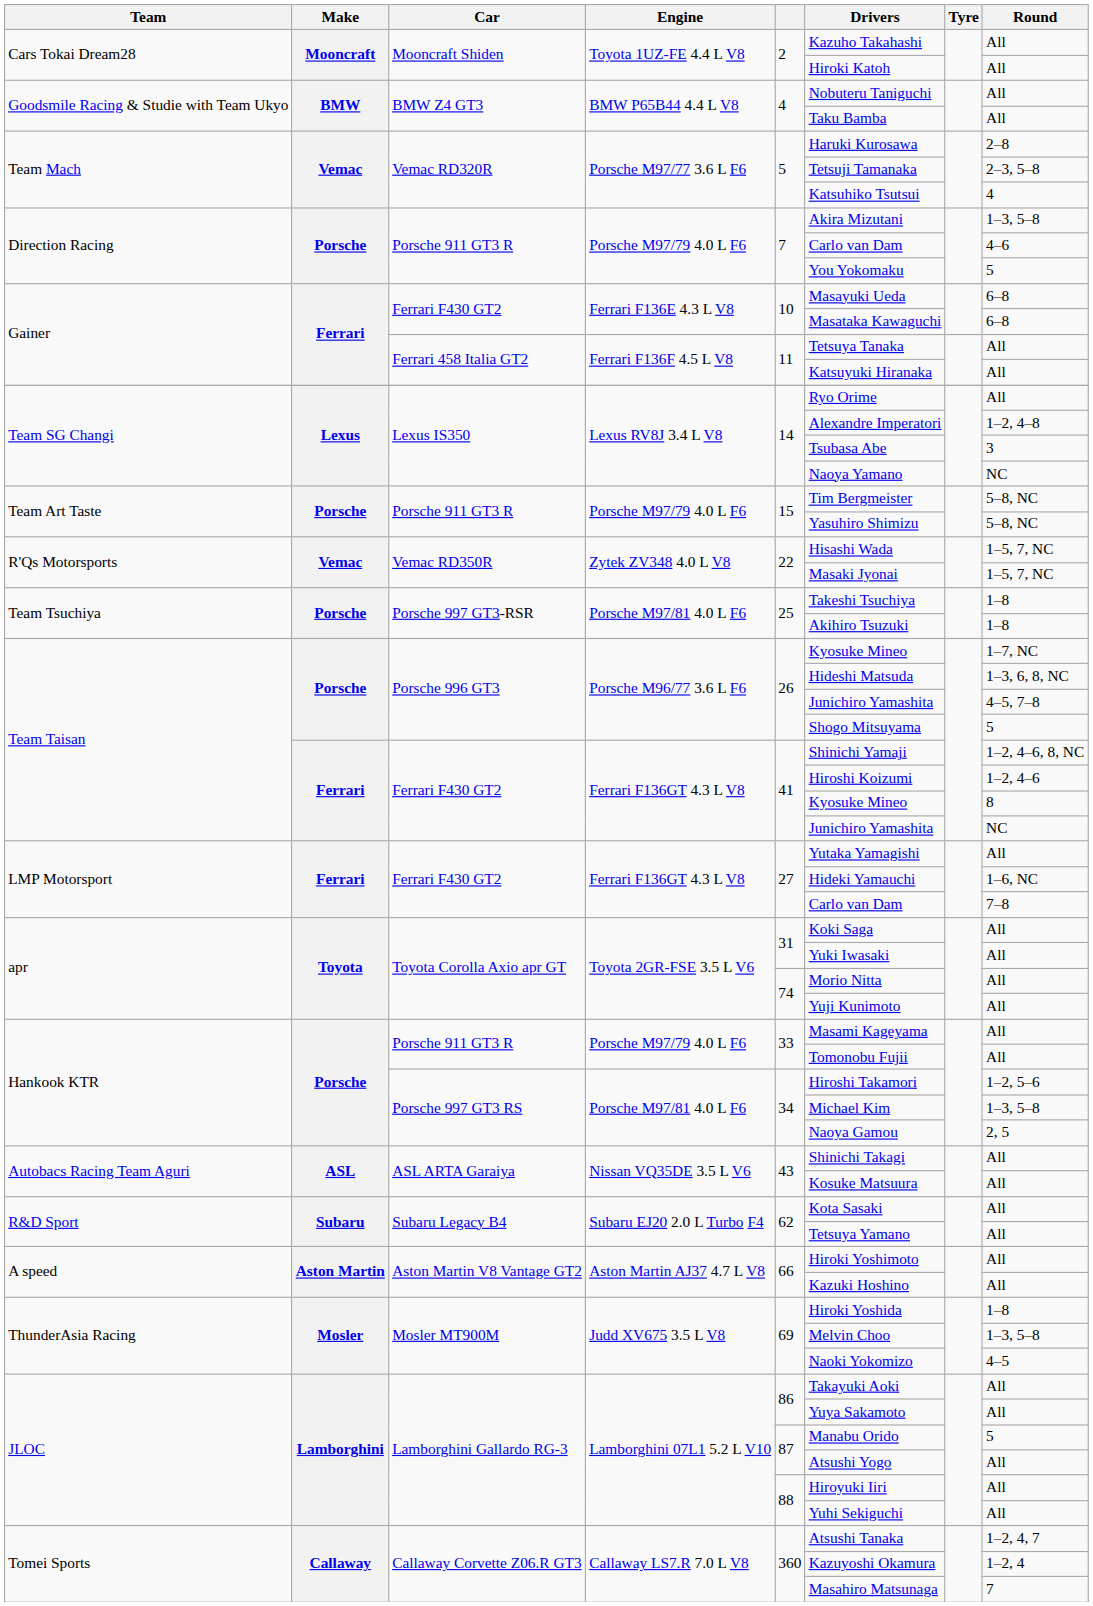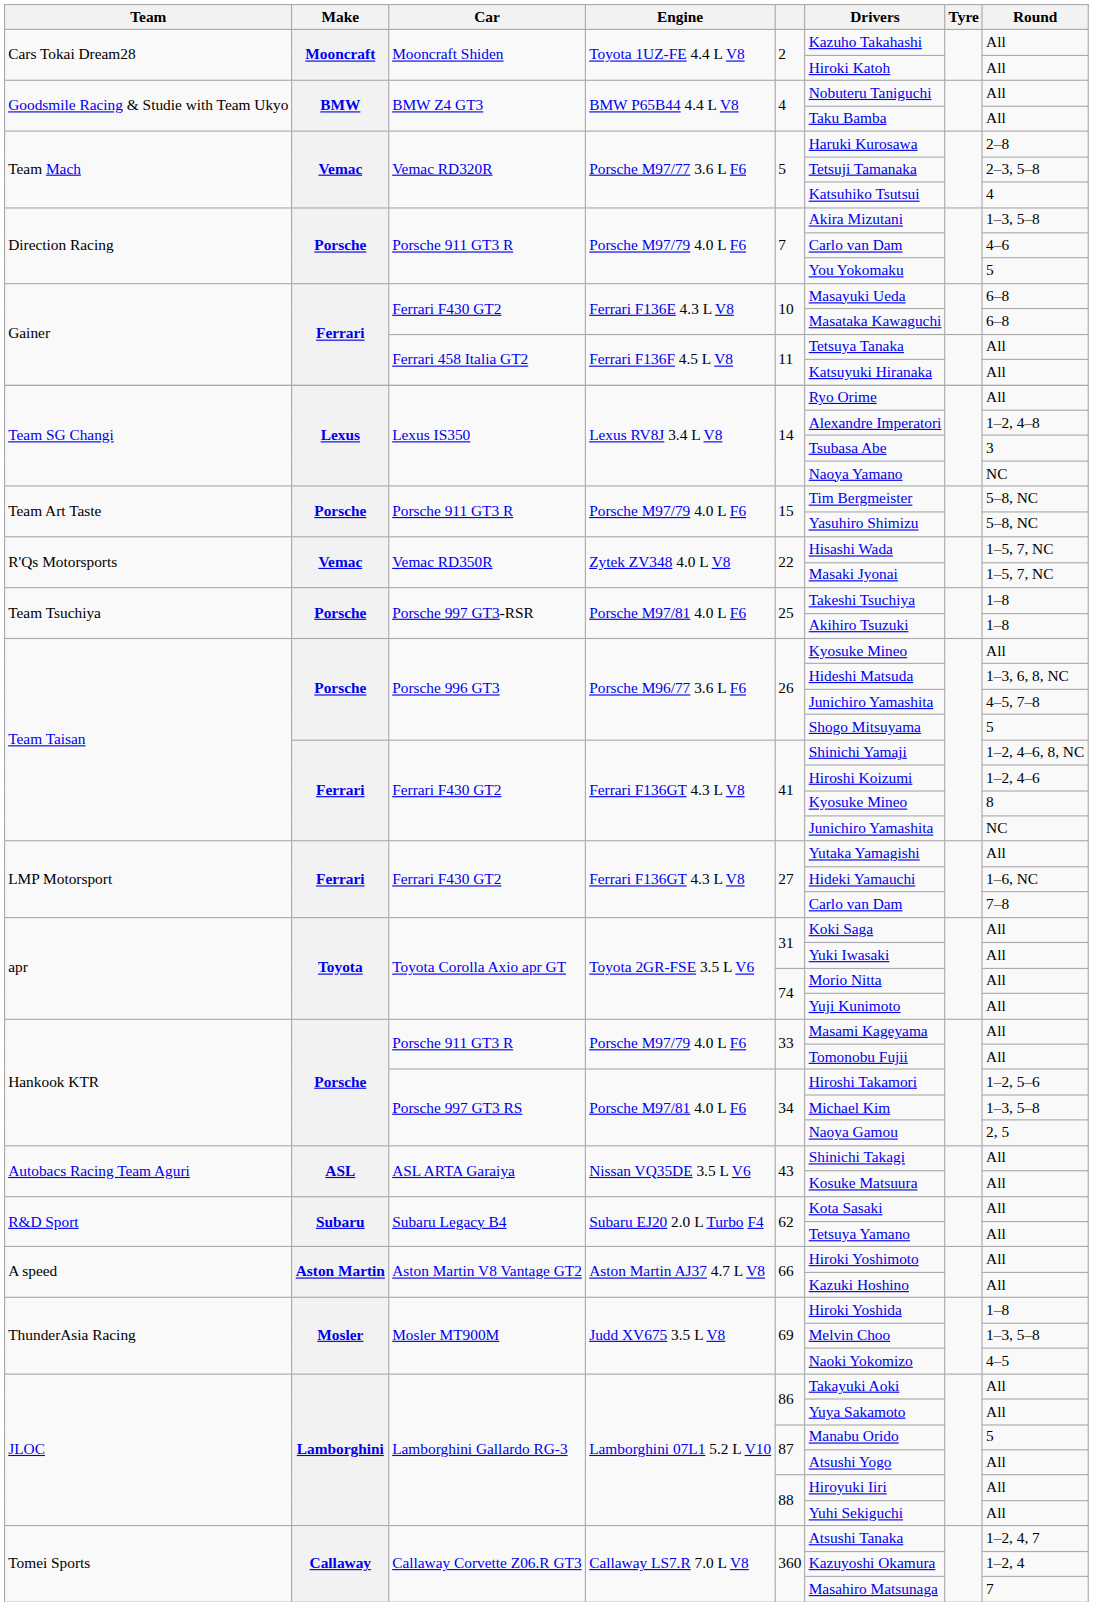 <table class="wikitable" style="font-size: 85%;">
 <tr>
 <th>Team</th>
 <th>Make</th>
 <th>Car</th>
 <th>Engine</th>
 <th></th>
 <th>Drivers</th>
 <th>Tyre</th>
 <th>Round</th>
 </tr>
 <tr>
 <td rowspan=2> Cars Tokai Dream28</td>
 <th rowspan=2><a href='#'>Mooncraft</a></th>
 <td rowspan=2><a href='#'>Mooncraft Shiden</a></td>
 <td rowspan=2><a href='#'>Toyota 1UZ-FE</a> 4.4 L <a href='#'>V8</a></td>
 <td rowspan=2>2</td>
 <td> <a href='#'>Kazuho Takahashi</a></td>
 <td align=center rowspan=2></td>
 <td>All</td>
 </tr>
 <tr>
 <td> <a href='#'>Hiroki Katoh</a></td>
 <td>All</td>
 </tr>
 <tr>
 <td rowspan=2> <a href='#'>Goodsmile Racing</a> & Studie with Team Ukyo</td>
 <th rowspan=2><a href='#'>BMW</a></th>
 <td rowspan=2><a href='#'>BMW Z4 GT3</a></td>
 <td rowspan=2><a href='#'>BMW P65B44</a> 4.4 L <a href='#'>V8</a></td>
 <td rowspan=2>4</td>
 <td> <a href='#'>Nobuteru Taniguchi</a></td>
 <td align=center rowspan=2></td>
 <td>All</td>
 </tr>
 <tr>
 <td> <a href='#'>Taku Bamba</a></td>
 <td>All</td>
 </tr>
 <tr>
 <td rowspan=3> Team <a href='#'>Mach</a></td>
 <th rowspan=3><a href='#'>Vemac</a></th>
 <td rowspan=3><a href='#'>Vemac RD320R</a></td>
 <td rowspan=3><a href='#'>Porsche M97/77</a> 3.6 L <a href='#'>F6</a></td>
 <td rowspan=3>5</td>
 <td> <a href='#'>Haruki Kurosawa</a></td>
 <td align=center rowspan=3></td>
 <td>2–8</td>
 </tr>
 <tr>
 <td> <a href='#'>Tetsuji Tamanaka</a></td>
 <td>2–3, 5–8</td>
 </tr>
 <tr>
 <td> <a href='#'>Katsuhiko Tsutsui</a></td>
 <td>4</td>
 </tr>
 <tr>
 <td rowspan=3> Direction Racing</td>
 <th rowspan=3><a href='#'>Porsche</a></th>
 <td rowspan=3><a href='#'>Porsche 911 GT3 R</a></td>
 <td rowspan=3><a href='#'>Porsche M97/79</a> 4.0 L <a href='#'>F6</a></td>
 <td rowspan=3>7</td>
 <td> <a href='#'>Akira Mizutani</a></td>
 <td align=center rowspan=3></td>
 <td>1–3, 5–8</td>
 </tr>
 <tr>
 <td> <a href='#'>Carlo van Dam</a></td>
 <td>4–6</td>
 </tr>
 <tr>
 <td> <a href='#'>You Yokomaku</a></td>
 <td>5</td>
 </tr>
 <tr>
 <td rowspan=4> Gainer</td>
 <th rowspan=4><a href='#'>Ferrari</a></th>
 <td rowspan=2><a href='#'>Ferrari F430 GT2</a></td>
 <td rowspan=2><a href='#'>Ferrari F136E</a> 4.3 L <a href='#'>V8</a></td>
 <td rowspan=2>10</td>
 <td> <a href='#'>Masayuki Ueda</a></td>
 <td align=center rowspan=2></td>
 <td>6–8</td>
 </tr>
 <tr>
 <td> <a href='#'>Masataka Kawaguchi</a></td>
 <td>6–8</td>
 </tr>
 <tr>
 <td rowspan=2><a href='#'>Ferrari 458 Italia GT2</a></td>
 <td rowspan=2><a href='#'>Ferrari F136F</a> 4.5 L <a href='#'>V8</a></td>
 <td rowspan=2>11</td>
 <td> <a href='#'>Tetsuya Tanaka</a></td>
 <td align=center rowspan=2></td>
 <td>All</td>
 </tr>
 <tr>
 <td> <a href='#'>Katsuyuki Hiranaka</a></td>
 <td>All</td>
 </tr>
 <tr>
 </tr>
 <tr>
 <td rowspan=4> <a href='#'>Team SG Changi</a></td>
 <th rowspan=4><a href='#'>Lexus</a></th>
 <td rowspan=4><a href='#'>Lexus IS350</a></td>
 <td rowspan=4><a href='#'>Lexus RV8J</a> 3.4 L <a href='#'>V8</a></td>
 <td rowspan=4>14</td>
 <td> <a href='#'>Ryo Orime</a></td>
 <td align=center rowspan=4></td>
 <td>All</td>
 </tr>
 <tr>
 <td> <a href='#'>Alexandre Imperatori</a></td>
 <td>1–2, 4–8</td>
 </tr>
 <tr>
 <td> <a href='#'>Tsubasa Abe</a></td>
 <td>3</td>
 </tr>
 <tr>
 <td> <a href='#'>Naoya Yamano</a></td>
 <td>NC</td>
 </tr>
 <tr>
 <td rowspan=2> Team Art Taste</td>
 <th rowspan=2><a href='#'>Porsche</a></th>
 <td rowspan=2><a href='#'>Porsche 911 GT3 R</a></td>
 <td rowspan=2><a href='#'>Porsche M97/79</a> 4.0 L <a href='#'>F6</a></td>
 <td rowspan=2>15</td>
 <td> <a href='#'>Tim Bergmeister</a></td>
 <td align=center rowspan=2></td>
 <td>5–8, NC</td>
 </tr>
 <tr>
 <td> <a href='#'>Yasuhiro Shimizu</a></td>
 <td>5–8, NC</td>
 </tr>
 <tr>
 <td rowspan=2> R'Qs Motorsports</td>
 <th rowspan=2><a href='#'>Vemac</a></th>
 <td rowspan=2><a href='#'>Vemac RD350R</a></td>
 <td rowspan=2><a href='#'>Zytek ZV348</a> 4.0 L <a href='#'>V8</a></td>
 <td rowspan=2>22</td>
 <td> <a href='#'>Hisashi Wada</a></td>
 <td align=center rowspan=2></td>
 <td>1–5, 7, NC</td>
 </tr>
 <tr>
 <td> <a href='#'>Masaki Jyonai</a></td>
 <td>1–5, 7, NC</td>
 </tr>
 <tr>
 <td rowspan=2> Team Tsuchiya</td>
 <th rowspan=2><a href='#'>Porsche</a></th>
 <td rowspan=2><a href='#'>Porsche 997 GT3</a>-RSR</td>
 <td rowspan=2><a href='#'>Porsche M97/81</a> 4.0 L <a href='#'>F6</a></td>
 <td rowspan=2>25</td>
 <td> <a href='#'>Takeshi Tsuchiya</a></td>
 <td align=center rowspan=2></td>
 <td>1–8</td>
 </tr>
 <tr>
 <td> <a href='#'>Akihiro Tsuzuki</a></td>
 <td>1–8</td>
 </tr>
 <tr>
 <td rowspan=8> <a href='#'>Team Taisan</a></td>
 <th rowspan=4><a href='#'>Porsche</a></th>
 <td rowspan=4><a href='#'>Porsche 996 GT3</a></td>
 <td rowspan=4><a href='#'>Porsche M96/77</a> 3.6 L <a href='#'>F6</a></td>
 <td rowspan=4>26</td>
 <td> <a href='#'>Kyosuke Mineo</a></td>
 <td align=center rowspan=8></td>
-<td>1–7, NC</td>
+<td>All</td>
 </tr>
 <tr>
 <td> <a href='#'>Hideshi Matsuda</a></td>
 <td>1–3, 6, 8, NC</td>
 </tr>
 <tr>
 <td> <a href='#'>Junichiro Yamashita</a></td>
 <td>4–5, 7–8</td>
 </tr>
 <tr>
 <td> <a href='#'>Shogo Mitsuyama</a></td>
 <td>5</td>
 </tr>
 <tr>
 <th rowspan=4><a href='#'>Ferrari</a></th>
 <td rowspan=4><a href='#'>Ferrari F430 GT2</a></td>
 <td rowspan=4><a href='#'>Ferrari F136GT</a> 4.3 L <a href='#'>V8</a></td>
 <td rowspan=4>41</td>
 <td> <a href='#'>Shinichi Yamaji</a></td>
 <td>1–2, 4–6, 8, NC</td>
 </tr>
 <tr>
 <td> <a href='#'>Hiroshi Koizumi</a></td>
 <td>1–2, 4–6</td>
 </tr>
 <tr>
 <td> <a href='#'>Kyosuke Mineo</a></td>
 <td>8</td>
 </tr>
 <tr>
 <td> <a href='#'>Junichiro Yamashita</a></td>
 <td>NC</td>
 </tr>
 <tr>
 <td rowspan=3> LMP Motorsport</td>
 <th rowspan=3><a href='#'>Ferrari</a></th>
 <td rowspan=3><a href='#'>Ferrari F430 GT2</a></td>
 <td rowspan=3><a href='#'>Ferrari F136GT</a> 4.3 L <a href='#'>V8</a></td>
 <td rowspan=3>27</td>
 <td> <a href='#'>Yutaka Yamagishi</a></td>
 <td align=center rowspan=3></td>
 <td>All</td>
 </tr>
 <tr>
 <td> <a href='#'>Hideki Yamauchi</a></td>
 <td>1–6, NC</td>
 </tr>
 <tr>
 <td> <a href='#'>Carlo van Dam</a></td>
 <td>7–8</td>
 </tr>
 <tr>
 <td rowspan=4> apr</td>
 <th rowspan=4><a href='#'>Toyota</a></th>
 <td rowspan=4><a href='#'>Toyota Corolla Axio apr GT</a></td>
 <td rowspan=4><a href='#'>Toyota 2GR-FSE</a> 3.5 L <a href='#'>V6</a></td>
 <td rowspan=2>31</td>
 <td> <a href='#'>Koki Saga</a></td>
 <td align=center rowspan=4></td>
 <td>All</td>
 </tr>
 <tr>
 <td> <a href='#'>Yuki Iwasaki</a></td>
 <td>All</td>
 </tr>
 <tr>
 <td rowspan=2>74</td>
 <td> <a href='#'>Morio Nitta</a></td>
 <td>All</td>
 </tr>
 <tr>
 <td> <a href='#'>Yuji Kunimoto</a></td>
 <td>All</td>
 </tr>
 <tr>
 <td rowspan=5> Hankook KTR</td>
 <th rowspan=5><a href='#'>Porsche</a></th>
 <td rowspan=2><a href='#'>Porsche 911 GT3 R</a></td>
 <td rowspan=2><a href='#'>Porsche M97/79</a> 4.0 L <a href='#'>F6</a></td>
 <td rowspan=2>33</td>
 <td> <a href='#'>Masami Kageyama</a></td>
 <td align=center rowspan=5></td>
 <td>All</td>
 </tr>
 <tr>
 <td> <a href='#'>Tomonobu Fujii</a></td>
 <td>All</td>
 </tr>
 <tr>
 <td rowspan=3><a href='#'>Porsche 997 GT3 RS</a></td>
 <td rowspan=3><a href='#'>Porsche M97/81</a> 4.0 L <a href='#'>F6</a></td>
 <td rowspan=3>34</td>
 <td> <a href='#'>Hiroshi Takamori</a></td>
 <td>1–2, 5–6</td>
 </tr>
 <tr>
 <td> <a href='#'>Michael Kim</a></td>
 <td>1–3, 5–8</td>
 </tr>
 <tr>
 <td> <a href='#'>Naoya Gamou</a></td>
 <td>2, 5</td>
 </tr>
 <tr>
 <td rowspan=2> <a href='#'>Autobacs Racing Team Aguri</a></td>
 <th rowspan=2><a href='#'>ASL</a></th>
 <td rowspan=2><a href='#'>ASL ARTA Garaiya</a></td>
 <td rowspan=2><a href='#'>Nissan VQ35DE</a> 3.5 L <a href='#'>V6</a></td>
 <td rowspan=2>43</td>
 <td> <a href='#'>Shinichi Takagi</a></td>
 <td align=center rowspan=2></td>
 <td>All</td>
 </tr>
 <tr>
 <td> <a href='#'>Kosuke Matsuura</a></td>
 <td>All</td>
 </tr>
 <tr>
 <td rowspan=2> <a href='#'>R&D Sport</a></td>
 <th rowspan=2><a href='#'>Subaru</a></th>
 <td rowspan=2><a href='#'>Subaru Legacy B4</a></td>
 <td rowspan=2><a href='#'>Subaru EJ20</a> 2.0 L <a href='#'>Turbo</a> <a href='#'>F4</a></td>
 <td rowspan=2>62</td>
 <td> <a href='#'>Kota Sasaki</a></td>
 <td align=center rowspan=2></td>
 <td>All</td>
 </tr>
 <tr>
 <td> <a href='#'>Tetsuya Yamano</a></td>
 <td>All</td>
 </tr>
 <tr>
 <td rowspan=2> A speed</td>
 <th rowspan=2><a href='#'>Aston Martin</a></th>
 <td rowspan=2><a href='#'>Aston Martin V8 Vantage GT2</a></td>
 <td rowspan=2><a href='#'>Aston Martin AJ37</a> 4.7 L <a href='#'>V8</a></td>
 <td rowspan=2>66</td>
 <td> <a href='#'>Hiroki Yoshimoto</a></td>
 <td align=center rowspan=2></td>
 <td>All</td>
 </tr>
 <tr>
 <td> <a href='#'>Kazuki Hoshino</a></td>
 <td>All</td>
 </tr>
 <tr>
 <td rowspan=3> ThunderAsia Racing</td>
 <th rowspan=3><a href='#'>Mosler</a></th>
 <td rowspan=3><a href='#'>Mosler MT900M</a></td>
 <td rowspan=3><a href='#'>Judd XV675</a> 3.5 L <a href='#'>V8</a></td>
 <td rowspan=3>69</td>
 <td> <a href='#'>Hiroki Yoshida</a></td>
 <td align=center rowspan=3></td>
 <td>1–8</td>
 </tr>
 <tr>
 <td> <a href='#'>Melvin Choo</a></td>
 <td>1–3, 5–8</td>
 </tr>
 <tr>
 <td> <a href='#'>Naoki Yokomizo</a></td>
 <td>4–5</td>
 </tr>
 <tr>
 <td rowspan=6> <a href='#'>JLOC</a></td>
 <th rowspan=6><a href='#'>Lamborghini</a></th>
 <td rowspan=6><a href='#'>Lamborghini Gallardo RG-3</a></td>
 <td rowspan=6><a href='#'>Lamborghini 07L1</a> 5.2 L <a href='#'>V10</a></td>
 <td rowspan=2>86</td>
 <td> <a href='#'>Takayuki Aoki</a></td>
 <td align=center rowspan=6></td>
 <td>All</td>
 </tr>
 <tr>
 <td> <a href='#'>Yuya Sakamoto</a></td>
 <td>All</td>
 </tr>
 <tr>
 <td rowspan=2>87</td>
 <td> <a href='#'>Manabu Orido</a></td>
 <td>5</td>
 </tr>
 <tr>
 <td> <a href='#'>Atsushi Yogo</a></td>
 <td>All</td>
 </tr>
 <tr>
 <td rowspan=2>88</td>
 <td> <a href='#'>Hiroyuki Iiri</a></td>
 <td>All</td>
 </tr>
 <tr>
 <td> <a href='#'>Yuhi Sekiguchi</a></td>
 <td>All</td>
 </tr>
 <tr>
 <td rowspan=3> Tomei Sports</td>
 <th rowspan=3><a href='#'>Callaway</a></th>
 <td rowspan=3><a href='#'>Callaway Corvette Z06.R GT3</a></td>
 <td rowspan=3><a href='#'>Callaway LS7.R</a> 7.0 L <a href='#'>V8</a></td>
 <td rowspan=3>360</td>
 <td> <a href='#'>Atsushi Tanaka</a></td>
 <td align=center rowspan=3></td>
 <td>1–2, 4, 7</td>
 </tr>
 <tr>
 <td> <a href='#'>Kazuyoshi Okamura</a></td>
 <td>1–2, 4</td>
 </tr>
 <tr>
 <td> <a href='#'>Masahiro Matsunaga</a></td>
 <td>7</td>
 </tr>
 <tr>
 </tr>
 </table>
